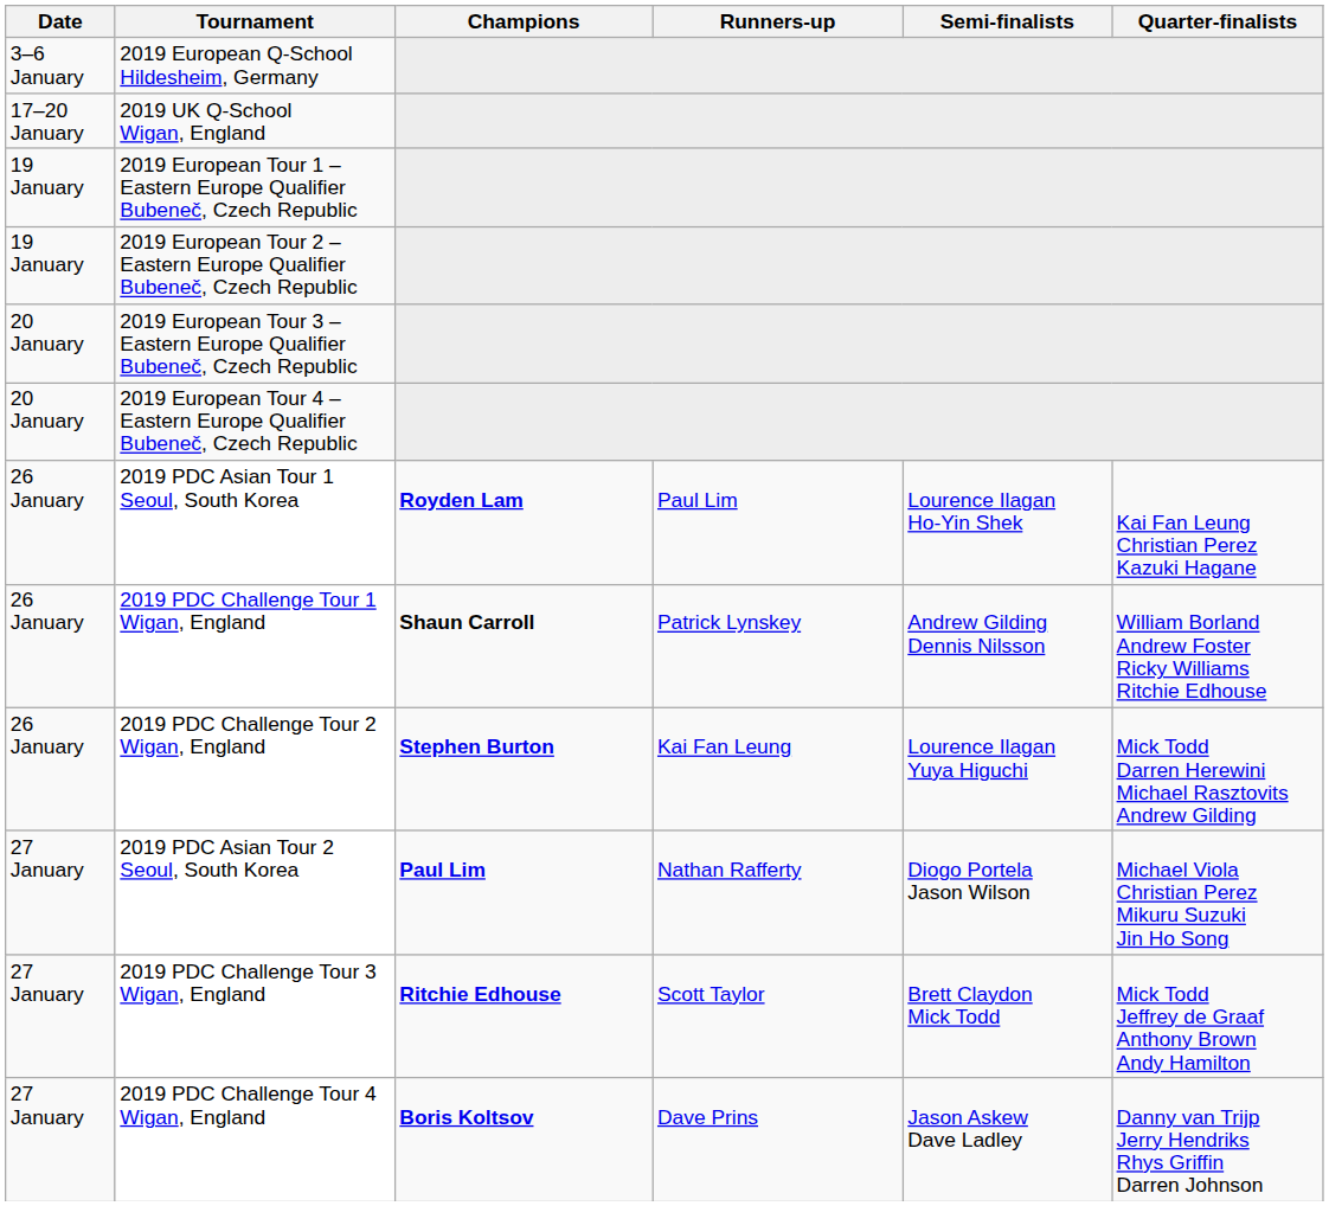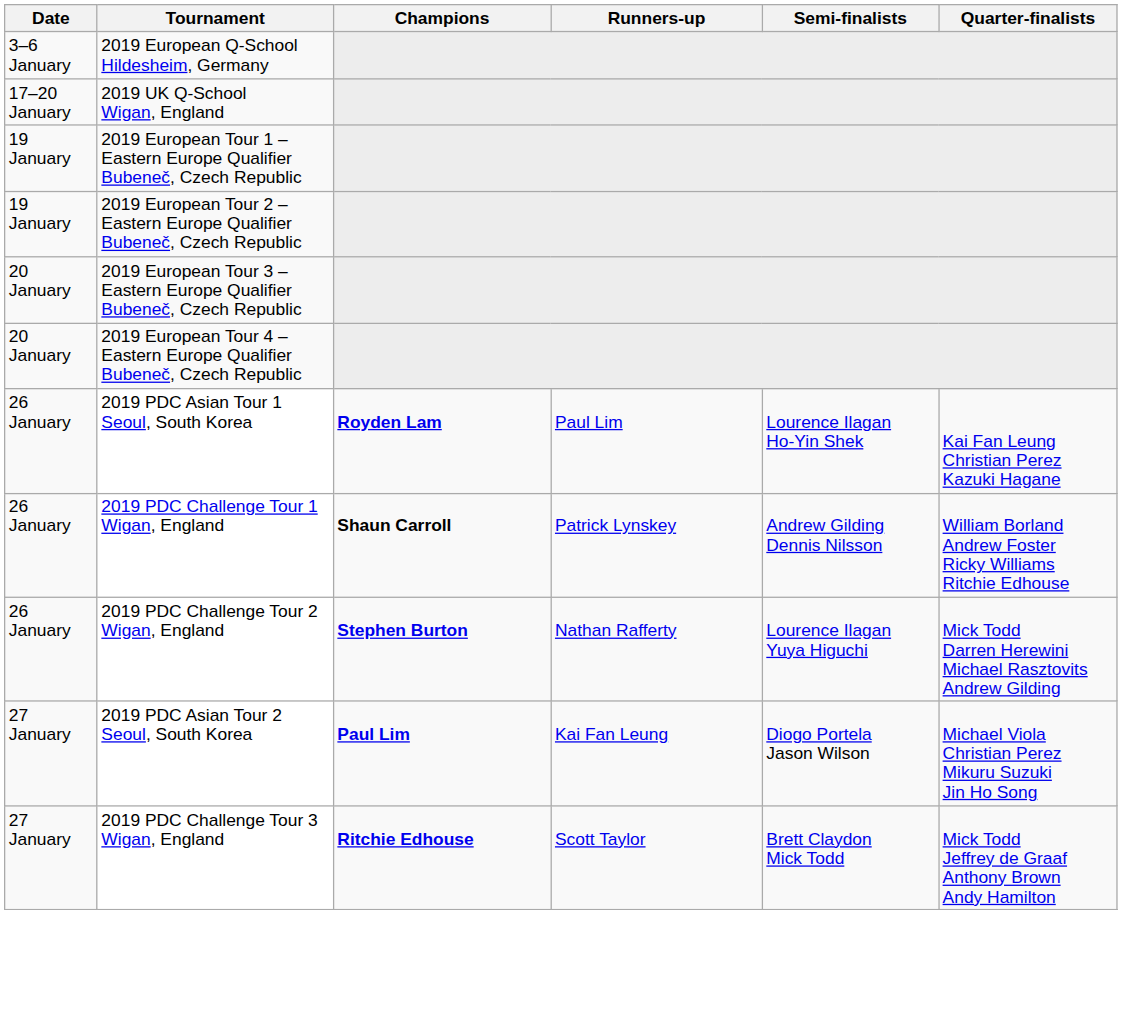 <table class=wikitable style=font-size:85%>
 <tr>
 <th width=75>Date</th>
 <th width=230>Tournament</th>
 <th width=210>Champions</th>
 <th width=210>Runners-up</th>
 <th width=170>Semi-finalists</th>
 <th width=170>Quarter-finalists</th>
 </tr>
 <tr valign="top">
 <td rowspan=1>3–6 January</td>
 <td>2019 European Q-School <br><a href='#'>Hildesheim</a>, Germany</td>
 <td colspan=4 bgcolor="#ededed"></td>
 </tr>
 <tr valign="top">
 <td rowspan=1>17–20 January</td>
 <td>2019 UK Q-School <br><a href='#'>Wigan</a>, England</td>
 <td colspan=4 bgcolor="#ededed"></td>
 </tr>
 <tr valign="top">
 <td rowspan=1>19 January</td>
 <td>2019 European Tour 1 – Eastern Europe Qualifier <br><a href='#'>Bubeneč</a>, Czech Republic</td>
 <td colspan=4 bgcolor="#ededed"></td>
 </tr>
 <tr valign="top">
 <td rowspan=1>19 January</td>
 <td>2019 European Tour 2 – Eastern Europe Qualifier <br><a href='#'>Bubeneč</a>, Czech Republic</td>
 <td colspan=4 bgcolor="#ededed"></td>
 </tr>
 <tr valign="top">
 <td rowspan=1>20 January</td>
 <td>2019 European Tour 3 – Eastern Europe Qualifier <br><a href='#'>Bubeneč</a>, Czech Republic</td>
 <td colspan=4 bgcolor="#ededed"></td>
 </tr>
 <tr valign="top">
 <td rowspan=1>20 January</td>
 <td>2019 European Tour 4 – Eastern Europe Qualifier <br><a href='#'>Bubeneč</a>, Czech Republic</td>
 <td colspan=4 bgcolor="#ededed"></td>
 </tr>
 <tr valign="top">
 <td>26 January</td>
 <td bgcolor="#ffffff">2019 PDC Asian Tour 1<br><a href='#'>Seoul</a>, South Korea</td>
 <td><br> <strong><a href='#'>Royden Lam</a></strong></td>
 <td><br> <a href='#'>Paul Lim</a></td>
 <td><br> <a href='#'>Lourence Ilagan</a> <br>  <a href='#'>Ho-Yin Shek</a></td>
 <td><br> <br>  <a href='#'>Kai Fan Leung</a> <br>  <a href='#'>Christian Perez</a> <br>  <a href='#'>Kazuki Hagane</a></td>
 </tr>
 <tr valign="top">
 <td>26 January</td>
 <td bgcolor="#ffffff"><a href='#'>2019 PDC Challenge Tour 1</a><br><a href='#'>Wigan</a>, England</td>
 <td><br> <strong>Shaun Carroll</strong></td>
 <td><br> <a href='#'>Patrick Lynskey</a></td>
 <td><br> <a href='#'>Andrew Gilding</a> <br>  <a href='#'>Dennis Nilsson</a></td>
 <td><br> <a href='#'>William Borland</a> <br>  <a href='#'>Andrew Foster</a> <br>  <a href='#'>Ricky Williams</a> <br>  <a href='#'>Ritchie Edhouse</a></td>
 </tr>
 <tr valign="top">
 <td>26 January</td>
 <td bgcolor="#ffffff">2019 PDC Challenge Tour 2<br><a href='#'>Wigan</a>, England</td>
 <td><br> <strong><a href='#'>Stephen Burton</a></strong></td>
-<td><br> <a href='#'>Kai Fan Leung</a></td>
+<td><br> <a href='#'>Nathan Rafferty</a></td>
 <td><br> <a href='#'>Lourence Ilagan</a> <br>  <a href='#'>Yuya Higuchi</a></td>
 <td><br> <a href='#'>Mick Todd</a> <br>  <a href='#'>Darren Herewini</a> <br>  <a href='#'>Michael Rasztovits</a> <br>  <a href='#'>Andrew Gilding</a></td>
 </tr>
 <tr valign="top">
 <td>27 January</td>
 <td bgcolor="#ffffff">2019 PDC Asian Tour 2<br><a href='#'>Seoul</a>, South Korea</td>
 <td><br> <strong><a href='#'>Paul Lim</a></strong></td>
-<td><br> <a href='#'>Nathan Rafferty</a></td>
+<td><br> <a href='#'>Kai Fan Leung</a></td>
 <td><br> <a href='#'>Diogo Portela</a> <br>  Jason Wilson</td>
 <td><br> <a href='#'>Michael Viola</a> <br>  <a href='#'>Christian Perez</a> <br>  <a href='#'>Mikuru Suzuki</a> <br>  <a href='#'>Jin Ho Song</a></td>
 </tr>
 <tr valign="top">
 <td>27 January</td>
 <td bgcolor="#ffffff">2019 PDC Challenge Tour 3<br><a href='#'>Wigan</a>, England</td>
 <td><br> <strong><a href='#'>Ritchie Edhouse</a></strong></td>
 <td><br> <a href='#'>Scott Taylor</a></td>
 <td><br> <a href='#'>Brett Claydon</a> <br>  <a href='#'>Mick Todd</a></td>
 <td><br> <a href='#'>Mick Todd</a> <br>  <a href='#'>Jeffrey de Graaf</a> <br>  <a href='#'>Anthony Brown</a> <br>  <a href='#'>Andy Hamilton</a></td>
 </tr>
 <tr valign="top">
-<td>27 January</td>
-<td bgcolor="#ffffff">2019 PDC Challenge Tour 4<br><a href='#'>Wigan</a>, England</td>
-<td><br> <strong><a href='#'>Boris Koltsov</a></strong></td>
-<td><br> <a href='#'>Dave Prins</a></td>
-<td><br> <a href='#'>Jason Askew</a> <br>  Dave Ladley</td>
-<td><br> <a href='#'>Danny van Trijp</a> <br>  <a href='#'>Jerry Hendriks</a> <br>  <a href='#'>Rhys Griffin</a> <br>  Darren Johnson</td>
-</tr>
-<tr valign="top">
 </tr>
 </table>
